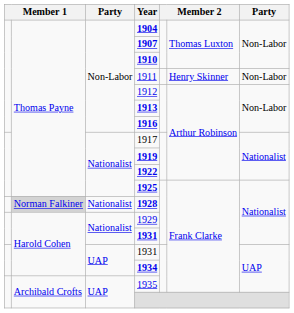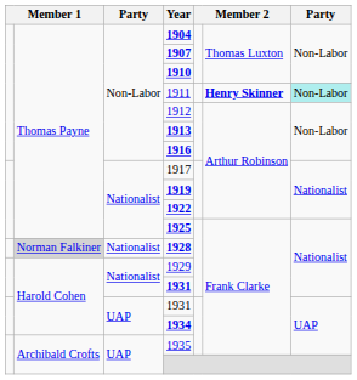 <table class="wikitable">
 <tr>
 <th colspan=2>Member 1</th>
 <th>Party</th>
 <th>Year</th>
 <th colspan=2>Member 2</th>
 <th>Party</th>
 </tr>
 <tr>
 <td rowspan=7 > </td>
 <td rowspan=11><a href='#'>Thomas Payne</a></td>
 <td rowspan=7>Non-Labor</td>
 <td><strong><a href='#'>1904</a></strong></td>
 <td rowspan=3 > </td>
 <td rowspan=3><a href='#'>Thomas Luxton</a></td>
 <td rowspan=3>Non-Labor</td>
 </tr>
 <tr>
 <td><strong><a href='#'>1907</a></strong></td>
 </tr>
 <tr>
 <td><strong><a href='#'>1910</a></strong></td>
 </tr>
 <tr>
 <td><a href='#'>1911</a></td>
 <td> </td>
-<td><a href='#'>Henry Skinner</a></td>
-<td>Non-Labor</td>
+<td><strong><a href='#'>Henry Skinner</a></strong></td>
+<td style="background: paleturquoise;">Non-Labor</td>
 </tr>
 <tr>
 <td><a href='#'>1912</a></td>
 <td rowspan=3 > </td>
 <td rowspan=6><a href='#'>Arthur Robinson</a></td>
 <td rowspan=3>Non-Labor</td>
 </tr>
 <tr>
 <td><strong><a href='#'>1913</a></strong></td>
 </tr>
 <tr>
 <td><strong><a href='#'>1916</a></strong></td>
 </tr>
 <tr>
 <td rowspan=4 > </td>
 <td rowspan=4><a href='#'>Nationalist</a></td>
 <td>1917</td>
 <td rowspan=3 > </td>
 <td rowspan=3><a href='#'>Nationalist</a></td>
 </tr>
 <tr>
 <td><strong><a href='#'>1919</a></strong></td>
 </tr>
 <tr>
 <td><strong><a href='#'>1922</a></strong></td>
 </tr>
 <tr>
 <td><strong><a href='#'>1925</a></strong></td>
 <td rowspan=4 > </td>
 <td rowspan=7><a href='#'>Frank Clarke</a></td>
 <td rowspan=4><a href='#'>Nationalist</a></td>
 </tr>
 <tr>
 <td> </td>
 <td style="background: lightgrey;"><a href='#'>Norman Falkiner</a></td>
 <td><a href='#'>Nationalist</a></td>
 <td><strong><a href='#'>1928</a></strong></td>
 </tr>
 <tr>
 <td rowspan=2 > </td>
 <td rowspan=4><a href='#'>Harold Cohen</a></td>
 <td rowspan=2><a href='#'>Nationalist</a></td>
 <td><a href='#'>1929</a></td>
 </tr>
 <tr>
 <td><strong><a href='#'>1931</a></strong></td>
 </tr>
 <tr>
 <td rowspan=2 > </td>
 <td rowspan=2><a href='#'>UAP</a></td>
 <td>1931</td>
 <td rowspan=3 > </td>
 <td rowspan=3><a href='#'>UAP</a></td>
 </tr>
 <tr>
 <td><strong><a href='#'>1934</a></strong></td>
 </tr>
 <tr>
 <td rowspan=2 > </td>
 <td rowspan=2><a href='#'>Archibald Crofts</a></td>
 <td rowspan=2><a href='#'>UAP</a></td>
 <td><a href='#'>1935</a></td>
 </tr>
 <tr>
 <td colspan=4  bgcolor=#DFDFDF> </td>
 </tr>
 </table>
